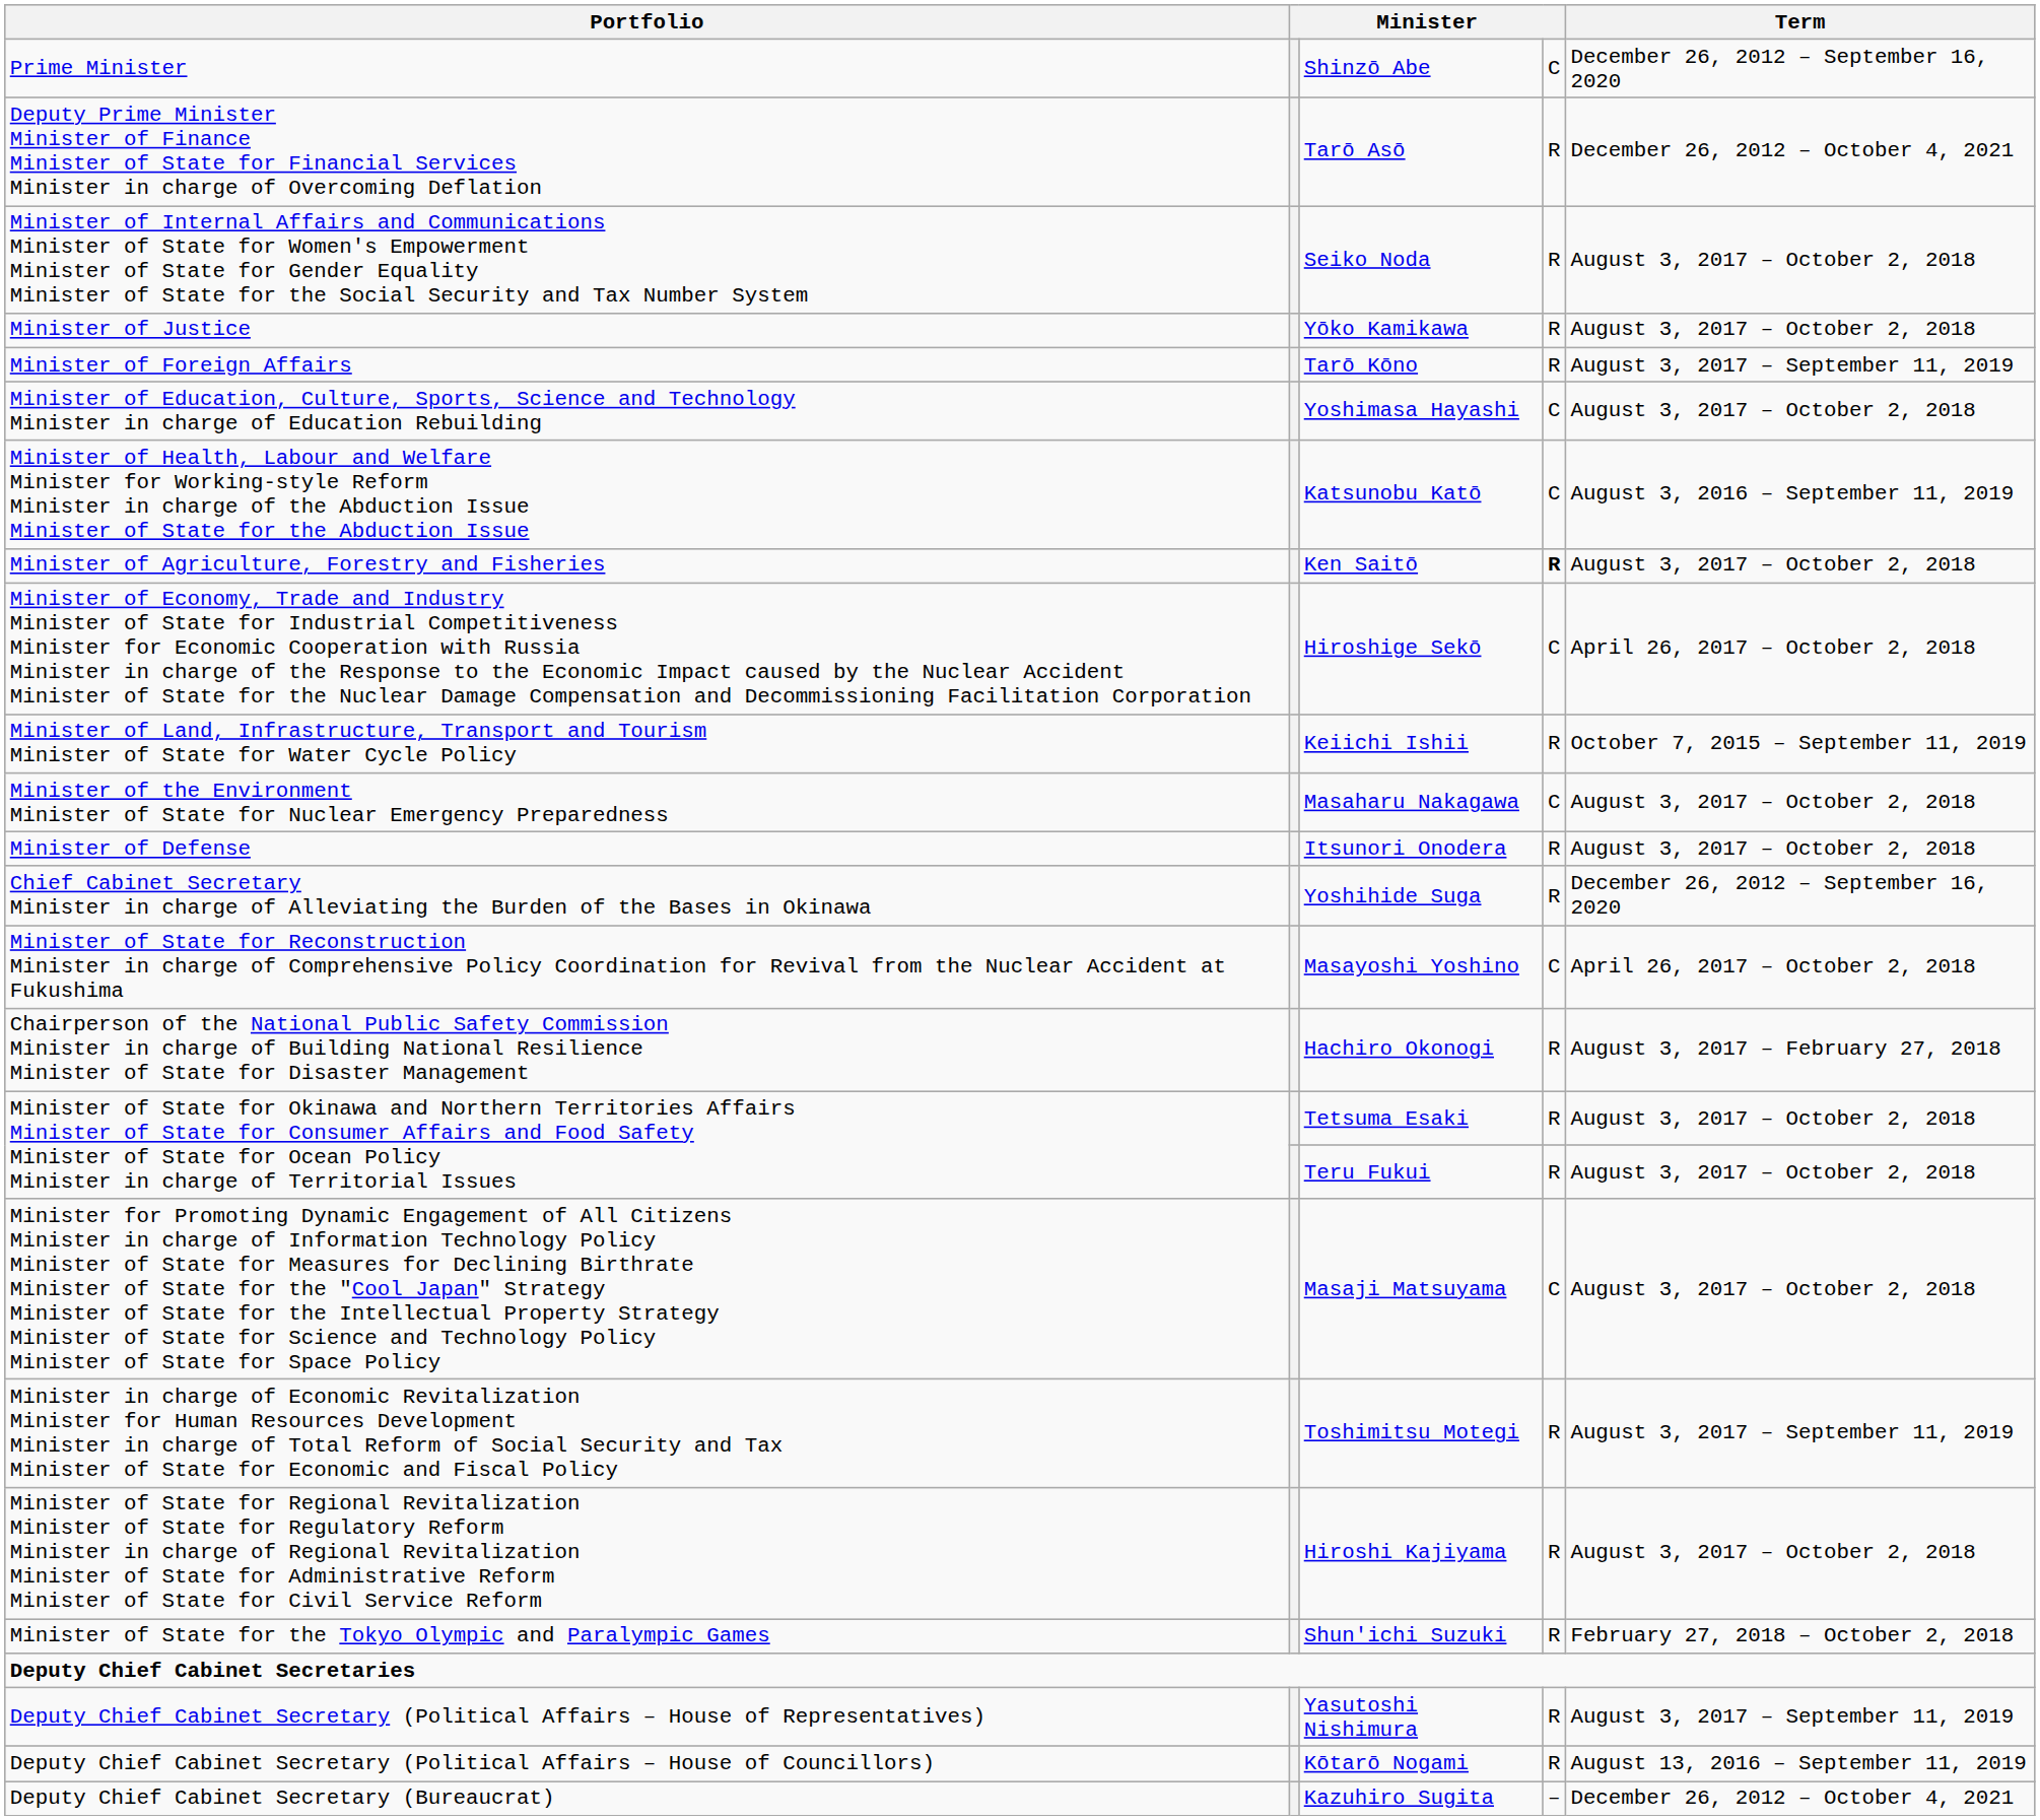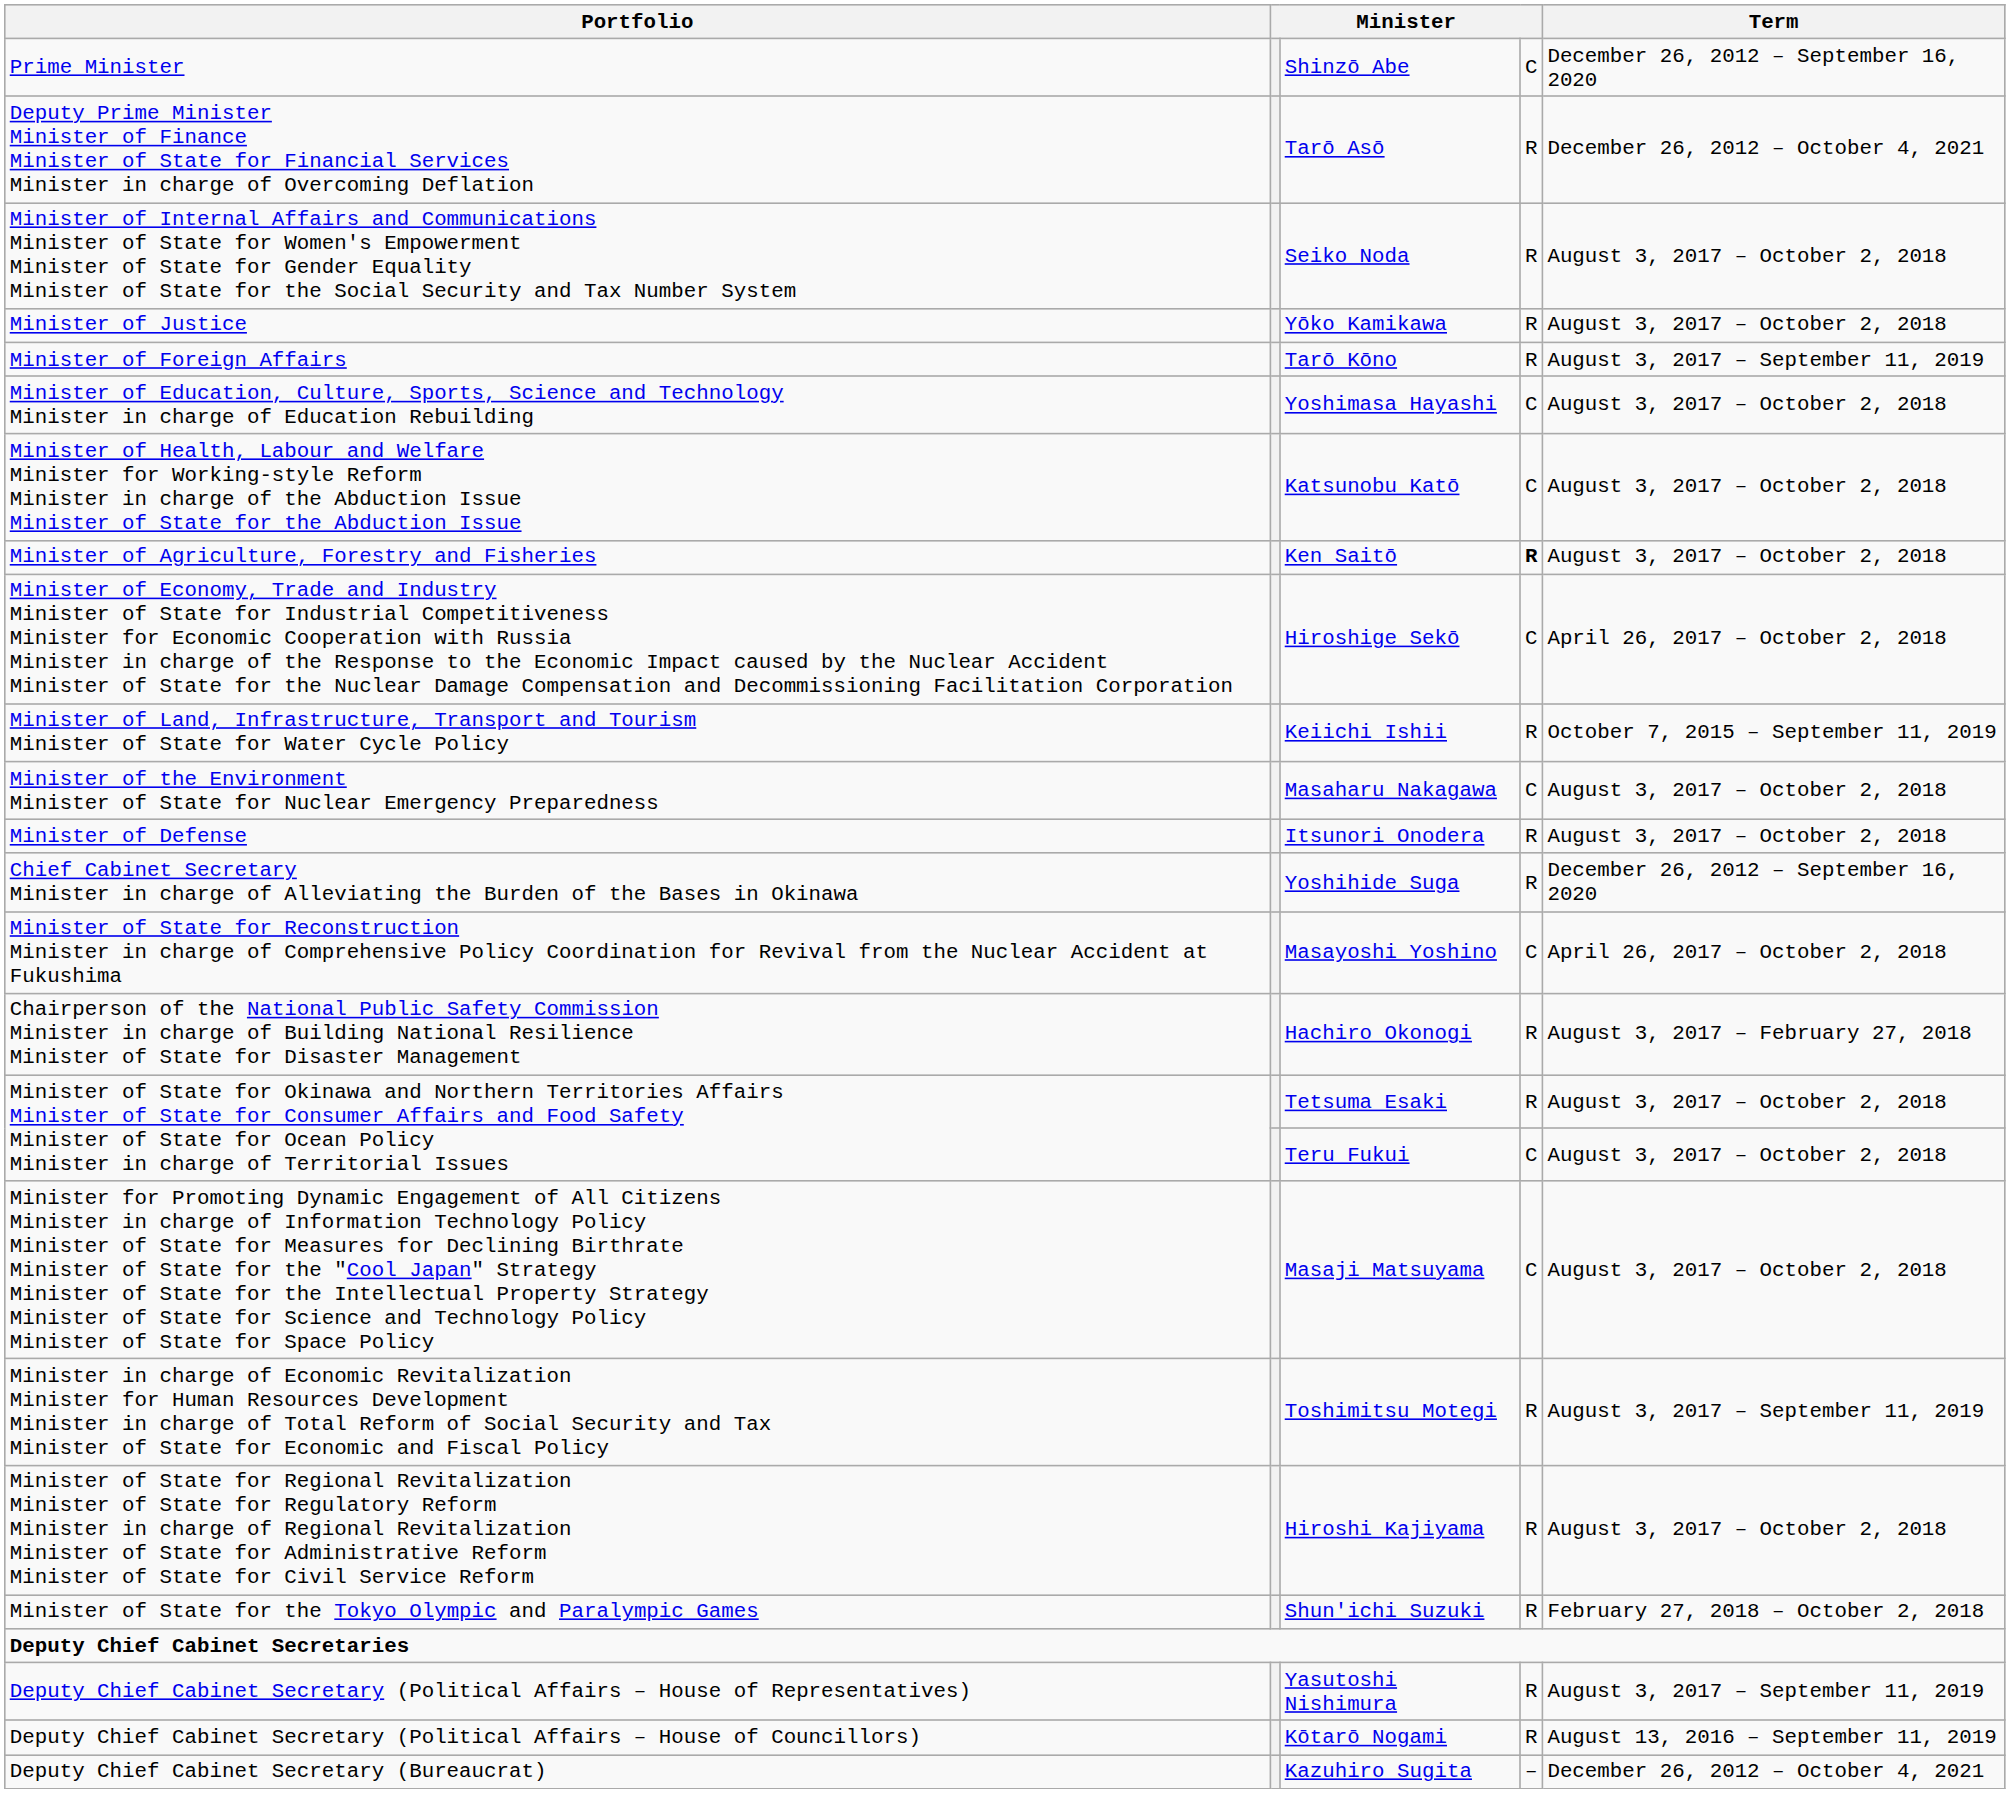 <table class="wikitable">
 <tr>
 <th>Portfolio</th>
 <th colspan=3>Minister</th>
 <th colspan=2>Term</th>
 </tr>
 <tr>
 <td><a href='#'>Prime Minister</a></td>
 <th style="color:inherit;background-color: "></th>
 <td><a href='#'>Shinzō Abe</a></td>
 <td>C</td>
 <td>December 26, 2012 – September 16, 2020</td>
 </tr>
 <tr>
 <td><a href='#'>Deputy Prime Minister</a><br><a href='#'>Minister of Finance</a><br><a href='#'>Minister of State for Financial Services</a><br>Minister in charge of Overcoming Deflation</td>
 <th style="color:inherit;background-color: "></th>
 <td><a href='#'>Tarō Asō</a></td>
 <td>R</td>
 <td>December 26, 2012 – October 4, 2021</td>
 </tr>
 <tr>
 <td><a href='#'>Minister of Internal Affairs and Communications</a><br>Minister of State for Women's Empowerment<br>Minister of State for Gender Equality<br>Minister of State for the Social Security and Tax Number System</td>
 <th style="color:inherit;background-color: "></th>
 <td><a href='#'>Seiko Noda</a></td>
 <td>R</td>
 <td>August 3, 2017 – October 2, 2018</td>
 </tr>
 <tr>
 <td><a href='#'>Minister of Justice</a></td>
 <th style="color:inherit;background-color: "></th>
 <td><a href='#'>Yōko Kamikawa</a></td>
 <td>R</td>
 <td>August 3, 2017 – October 2, 2018</td>
 </tr>
 <tr>
 <td><a href='#'>Minister of Foreign Affairs</a></td>
 <th style="color:inherit;background-color: "></th>
 <td><a href='#'>Tarō Kōno</a></td>
 <td>R</td>
 <td>August 3, 2017 – September 11, 2019</td>
 </tr>
 <tr>
 <td><a href='#'>Minister of Education, Culture, Sports, Science and Technology</a><br>Minister in charge of Education Rebuilding</td>
 <th style="color:inherit;background-color: "></th>
 <td><a href='#'>Yoshimasa Hayashi</a></td>
 <td>C</td>
 <td>August 3, 2017 – October 2, 2018</td>
 </tr>
 <tr>
 <td><a href='#'>Minister of Health, Labour and Welfare</a><br>Minister for Working-style Reform<br>Minister in charge of the Abduction Issue<br><a href='#'>Minister of State for the Abduction Issue</a></td>
 <th style="color:inherit;background-color: "></th>
 <td><a href='#'>Katsunobu Katō</a></td>
 <td>C</td>
-<td>August 3, 2016 – September 11, 2019</td>
+<td>August 3, 2017 – October 2, 2018</td>
 </tr>
 <tr>
 <td><a href='#'>Minister of Agriculture, Forestry and Fisheries</a></td>
 <th style="color:inherit;background-color: "></th>
 <td><a href='#'>Ken Saitō</a></td>
 <td><strong>R</strong></td>
 <td>August 3, 2017 – October 2, 2018</td>
 </tr>
 <tr>
 <td><a href='#'>Minister of Economy, Trade and Industry</a><br>Minister of State for Industrial Competitiveness<br>Minister for Economic Cooperation with Russia<br>Minister in charge of the Response to the Economic Impact caused by the Nuclear Accident<br>Minister of State for the Nuclear Damage Compensation and Decommissioning Facilitation Corporation</td>
 <th style="color:inherit;background-color: "></th>
 <td><a href='#'>Hiroshige Sekō</a></td>
 <td>C</td>
 <td>April 26, 2017 – October 2, 2018</td>
 </tr>
 <tr>
 <td><a href='#'>Minister of Land, Infrastructure, Transport and Tourism</a><br>Minister of State for Water Cycle Policy</td>
 <th style="color:inherit;background-color: "></th>
 <td><a href='#'>Keiichi Ishii</a></td>
 <td>R</td>
 <td>October 7, 2015 – September 11, 2019</td>
 </tr>
 <tr>
 <td><a href='#'>Minister of the Environment</a><br>Minister of State for Nuclear Emergency Preparedness</td>
 <th style="color:inherit;background-color: "></th>
 <td><a href='#'>Masaharu Nakagawa</a></td>
 <td>C</td>
 <td>August 3, 2017 – October 2, 2018</td>
 </tr>
 <tr>
 <td><a href='#'>Minister of Defense</a></td>
 <th style="color:inherit;background-color: "></th>
 <td><a href='#'>Itsunori Onodera</a></td>
 <td>R</td>
 <td>August 3, 2017 – October 2, 2018</td>
 </tr>
 <tr>
 <td><a href='#'>Chief Cabinet Secretary</a><br>Minister in charge of Alleviating the Burden of the Bases in Okinawa</td>
 <th style="color:inherit;background-color: "></th>
 <td><a href='#'>Yoshihide Suga</a></td>
 <td>R</td>
 <td>December 26, 2012 – September 16, 2020</td>
 </tr>
 <tr>
 <td><a href='#'>Minister of State for Reconstruction</a><br>Minister in charge of Comprehensive Policy Coordination for Revival from the Nuclear Accident at Fukushima</td>
 <th style="color:inherit;background-color: "></th>
 <td><a href='#'>Masayoshi Yoshino</a></td>
 <td>C</td>
 <td>April 26, 2017 – October 2, 2018</td>
 </tr>
 <tr>
 <td>Chairperson of the <a href='#'>National Public Safety Commission</a><br>Minister in charge of Building National Resilience<br>Minister of State for Disaster Management</td>
 <th style="color:inherit;background-color: "></th>
 <td><a href='#'>Hachiro Okonogi</a></td>
 <td>R</td>
 <td>August 3, 2017 – February 27, 2018</td>
 </tr>
 <tr>
 <td rowspan="2">Minister of State for Okinawa and Northern Territories Affairs<br><a href='#'>Minister of State for Consumer Affairs and Food Safety</a><br>Minister of State for Ocean Policy<br>Minister in charge of Territorial Issues</td>
 <th style="color:inherit;background-color: "></th>
 <td><a href='#'>Tetsuma Esaki</a></td>
 <td>R</td>
 <td>August 3, 2017 – October 2, 2018</td>
 </tr>
 <tr>
 <th style="color:inherit;background-color: "></th>
 <td><a href='#'>Teru Fukui</a></td>
-<td>R</td>
+<td>C</td>
 <td>August 3, 2017 – October 2, 2018</td>
 </tr>
 <tr>
 <td>Minister for Promoting Dynamic Engagement of All Citizens<br>Minister in charge of Information Technology Policy<br>Minister of State for Measures for Declining Birthrate<br>Minister of State for the "<a href='#'>Cool Japan</a>" Strategy<br>Minister of State for the Intellectual Property Strategy<br>Minister of State for Science and Technology Policy<br>Minister of State for Space Policy</td>
 <th style="color:inherit;background-color: "></th>
 <td><a href='#'>Masaji Matsuyama</a></td>
 <td>C</td>
 <td>August 3, 2017 – October 2, 2018</td>
 </tr>
 <tr>
 <td>Minister in charge of Economic Revitalization<br>Minister for Human Resources Development<br>Minister in charge of Total Reform of Social Security and Tax<br>Minister of State for Economic and Fiscal Policy</td>
 <th style="color:inherit;background-color: "></th>
 <td><a href='#'>Toshimitsu Motegi</a></td>
 <td>R</td>
 <td>August 3, 2017 – September 11, 2019</td>
 </tr>
 <tr>
 <td>Minister of State for Regional Revitalization<br>Minister of State for Regulatory Reform<br>Minister in charge of Regional Revitalization<br>Minister of State for Administrative Reform<br>Minister of State for Civil Service Reform</td>
 <th style="color:inherit;background-color: "></th>
 <td><a href='#'>Hiroshi Kajiyama</a></td>
 <td>R</td>
 <td>August 3, 2017 – October 2, 2018</td>
 </tr>
 <tr>
 <td>Minister of State for the <a href='#'>Tokyo Olympic</a> and <a href='#'>Paralympic Games</a></td>
 <th style="color:inherit;background-color: "></th>
 <td><a href='#'>Shun'ichi Suzuki</a></td>
 <td>R</td>
 <td>February 27, 2018 – October 2, 2018</td>
 </tr>
 <tr>
 <td colspan=5><strong>Deputy Chief Cabinet Secretaries</strong></td>
 </tr>
 <tr>
 <td><a href='#'>Deputy Chief Cabinet Secretary</a> (Political Affairs – House of Representatives)</td>
 <th style="color:inherit;background-color: "></th>
 <td><a href='#'>Yasutoshi Nishimura</a></td>
 <td>R</td>
 <td>August 3, 2017 – September 11, 2019</td>
 </tr>
 <tr>
 <td>Deputy Chief Cabinet Secretary (Political Affairs – House of Councillors)</td>
 <th style="color:inherit;background-color: "></th>
 <td><a href='#'>Kōtarō Nogami</a></td>
 <td>R</td>
 <td>August 13, 2016 – September 11, 2019</td>
 </tr>
 <tr>
 <td>Deputy Chief Cabinet Secretary (Bureaucrat)</td>
 <th style="color:inherit;background-color: "></th>
 <td><a href='#'>Kazuhiro Sugita</a></td>
 <td>–</td>
 <td>December 26, 2012 – October 4, 2021</td>
 </tr>
 </table>
